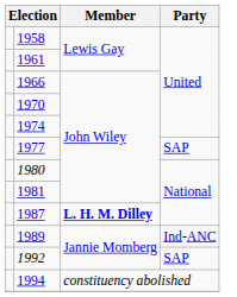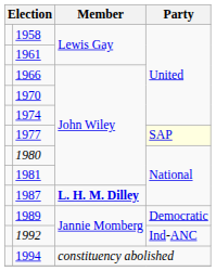 <table class="wikitable">
 <tr>
 <th colspan="2">Election</th>
 <th>Member</th>
 <th>Party</th>
 </tr>
 <tr>
 <td style="background-color: "></td>
 <td><a href='#'>1958</a></td>
 <td rowspan="2"><a href='#'>Lewis Gay</a></td>
 <td rowspan="5"><a href='#'>United</a></td>
 </tr>
 <tr>
 <td style="background-color: "></td>
 <td><a href='#'>1961</a></td>
 </tr>
 <tr>
 <td style="background-color: "></td>
 <td><a href='#'>1966</a></td>
 <td rowspan="6"><a href='#'>John Wiley</a></td>
 </tr>
 <tr>
 <td style="background-color: "></td>
 <td><a href='#'>1970</a></td>
 </tr>
 <tr>
 <td style="background-color: "></td>
 <td><a href='#'>1974</a></td>
 </tr>
 <tr>
 <td style="background-color: "></td>
 <td><a href='#'>1977</a></td>
-<td><a href='#'>SAP</a></td>
+<td style="background: lightyellow;"><a href='#'>SAP</a></td>
 </tr>
 <tr>
 <td style="background-color: "></td>
 <td><em>1980</em></td>
 <td rowspan="3"><a href='#'>National</a></td>
 </tr>
 <tr>
 <td style="background-color: "></td>
 <td><a href='#'>1981</a></td>
 </tr>
 <tr>
 <td style="background-color: "></td>
 <td><a href='#'>1987</a></td>
 <td><strong><a href='#'>L. H. M. Dilley</a></strong></td>
 </tr>
 <tr>
 <td style="background-color: "></td>
 <td><a href='#'>1989</a></td>
 <td rowspan="2"><a href='#'>Jannie Momberg</a></td>
-<td><a href='#'>Ind</a>-<a href='#'>ANC</a></td>
+<td><a href='#'>Democratic</a></td>
 </tr>
 <tr>
 <td style="background-color: "></td>
 <td><em>1992</em></td>
-<td><a href='#'>SAP</a></td>
+<td><a href='#'>Ind</a>-<a href='#'>ANC</a></td>
 </tr>
 <tr>
 <td style="background-color: "></td>
 <td><a href='#'>1994</a></td>
 <td colspan="2"><em>constituency abolished</em></td>
 </tr>
 <tr>
 </tr>
 </table>
